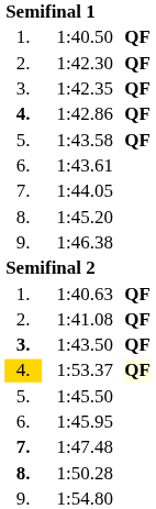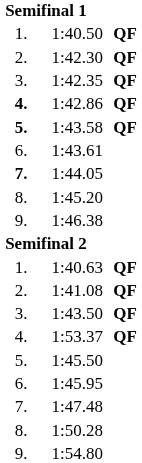 <table style="text-align:center">
 <tr>
 <td colspan=4 align=left><strong>Semifinal 1</strong></td>
 </tr>
 <tr>
 <td width=30>1.</td>
 <td align=left></td>
 <td width=60>1:40.50</td>
 <td><strong>QF</strong></td>
 </tr>
 <tr>
 <td>2.</td>
 <td align=left></td>
 <td>1:42.30</td>
 <td><strong>QF</strong></td>
 </tr>
 <tr>
 <td>3.</td>
 <td align=left></td>
 <td>1:42.35</td>
 <td><strong>QF</strong></td>
 </tr>
 <tr>
 <td><strong>4.</strong></td>
 <td align=left></td>
 <td>1:42.86</td>
 <td><strong>QF</strong></td>
 </tr>
 <tr>
-<td>5.</td>
+<td><strong>5.</strong></td>
 <td align=left></td>
 <td>1:43.58</td>
 <td><strong>QF</strong></td>
 </tr>
 <tr>
 <td>6.</td>
 <td align=left></td>
 <td>1:43.61</td>
 <td></td>
 </tr>
 <tr>
-<td>7.</td>
+<td><strong>7.</strong></td>
 <td align=left></td>
 <td>1:44.05</td>
 <td></td>
 </tr>
 <tr>
 <td>8.</td>
 <td align=left></td>
 <td>1:45.20</td>
 <td></td>
 </tr>
 <tr>
 <td>9.</td>
 <td align=left></td>
 <td>1:46.38</td>
 <td></td>
 </tr>
 <tr>
 <td colspan=4 align=left><strong>Semifinal 2</strong></td>
 </tr>
 <tr>
 <td width=30>1.</td>
 <td align=left></td>
 <td width=60>1:40.63</td>
 <td><strong>QF</strong></td>
 </tr>
 <tr>
 <td>2.</td>
 <td align=left></td>
 <td>1:41.08</td>
 <td><strong>QF</strong></td>
 </tr>
 <tr>
-<td><strong>3.</strong></td>
+<td>3.</td>
 <td align=left></td>
 <td>1:43.50</td>
 <td><strong>QF</strong></td>
 </tr>
 <tr>
-<td style="background: gold;">4.</td>
+<td>4.</td>
 <td align=left></td>
 <td>1:53.37</td>
-<td style="background: lightyellow;"><strong>QF</strong></td>
+<td><strong>QF</strong></td>
 </tr>
 <tr>
 <td>5.</td>
 <td align=left></td>
 <td>1:45.50</td>
 <td></td>
 </tr>
 <tr>
 <td>6.</td>
 <td align=left></td>
 <td>1:45.95</td>
 <td></td>
 </tr>
 <tr>
-<td><strong>7.</strong></td>
+<td>7.</td>
 <td align=left></td>
 <td>1:47.48</td>
 <td></td>
 </tr>
 <tr>
-<td><strong>8.</strong></td>
+<td>8.</td>
 <td align=left></td>
 <td>1:50.28</td>
 <td></td>
 </tr>
 <tr>
 <td>9.</td>
 <td align=left></td>
 <td>1:54.80</td>
 <td></td>
 </tr>
 </table>
